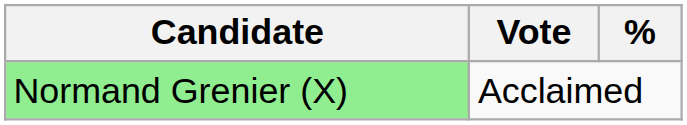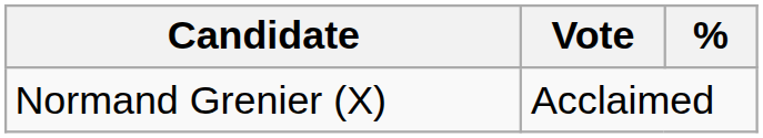 <table class="wikitable">
 <tr>
 <th bgcolor="#DDDDFF" width="200px">Candidate</th>
 <th bgcolor="#DDDDFF" width="50px">Vote</th>
 <th bgcolor="#DDDDFF" width="30px">%</th>
 </tr>
 <tr>
-<td style="background: lightgreen;">Normand Grenier (X)</td>
+<td>Normand Grenier (X)</td>
 <td colspan="2">Acclaimed</td>
 </tr>
 </table>
